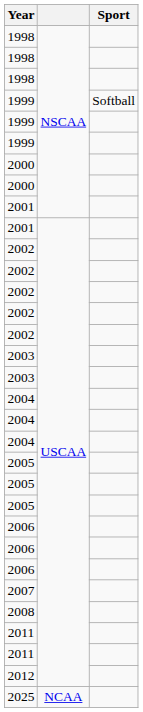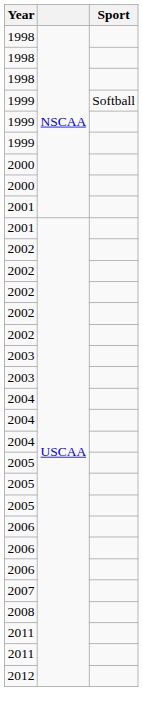 <table class="wikitable sortable" style="text-align:center">
 <tr>
 <th>Year</th>
 <th></th>
 <th>Sport</th>
 </tr>
 <tr>
 <td>1998</td>
 <td rowspan="9"><a href='#'>NSCAA</a></td>
 <td></td>
 </tr>
 <tr>
 <td>1998</td>
 <td></td>
 </tr>
 <tr>
 <td>1998</td>
 <td></td>
 </tr>
 <tr>
 <td>1999</td>
 <td>Softball</td>
 </tr>
 <tr>
 <td>1999</td>
 <td></td>
 </tr>
 <tr>
 <td>1999</td>
 <td></td>
 </tr>
 <tr>
 <td>2000</td>
 <td></td>
 </tr>
 <tr>
 <td>2000</td>
 <td></td>
 </tr>
 <tr>
 <td>2001</td>
 <td></td>
 </tr>
 <tr>
 <td>2001</td>
 <td rowspan="22"><a href='#'>USCAA</a></td>
 <td></td>
 </tr>
 <tr>
 <td>2002</td>
 <td></td>
 </tr>
 <tr>
 <td>2002</td>
 <td></td>
 </tr>
 <tr>
 <td>2002</td>
 <td></td>
 </tr>
 <tr>
 <td>2002</td>
 <td></td>
 </tr>
 <tr>
 <td>2002</td>
 <td></td>
 </tr>
 <tr>
 <td>2003</td>
 <td></td>
 </tr>
 <tr>
 <td>2003</td>
 <td></td>
 </tr>
 <tr>
 <td>2004</td>
 <td></td>
 </tr>
 <tr>
 <td>2004</td>
 <td></td>
 </tr>
 <tr>
 <td>2004</td>
 <td></td>
 </tr>
 <tr>
 <td>2005</td>
 <td></td>
 </tr>
 <tr>
 <td>2005</td>
 <td></td>
 </tr>
 <tr>
 <td>2005</td>
 <td></td>
 </tr>
 <tr>
 <td>2006</td>
 <td></td>
 </tr>
 <tr>
 <td>2006</td>
 <td></td>
 </tr>
 <tr>
 <td>2006</td>
 <td></td>
 </tr>
 <tr>
 <td>2007</td>
 <td></td>
 </tr>
 <tr>
 <td>2008</td>
 <td></td>
 </tr>
 <tr>
 <td>2011</td>
 <td></td>
 </tr>
 <tr>
 <td>2011</td>
 <td></td>
 </tr>
 <tr>
 <td>2012</td>
 <td></td>
 </tr>
-<tr>
-<td>2025</td>
-<td rowspan=1><a href='#'>NCAA</a></td>
-<td></td>
-</tr>
 </table>
